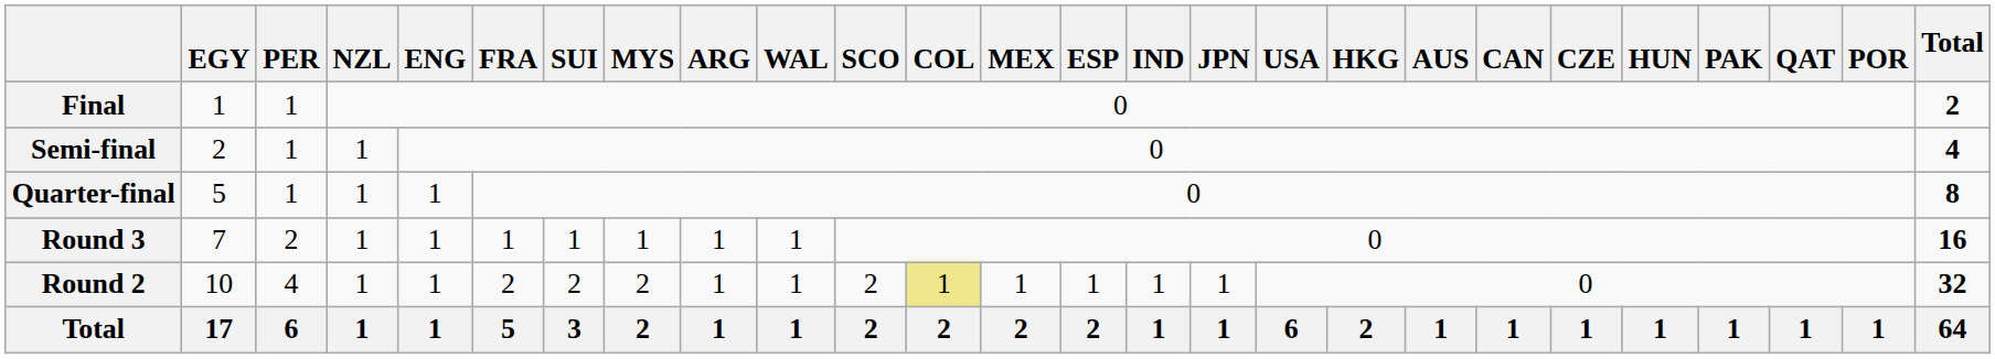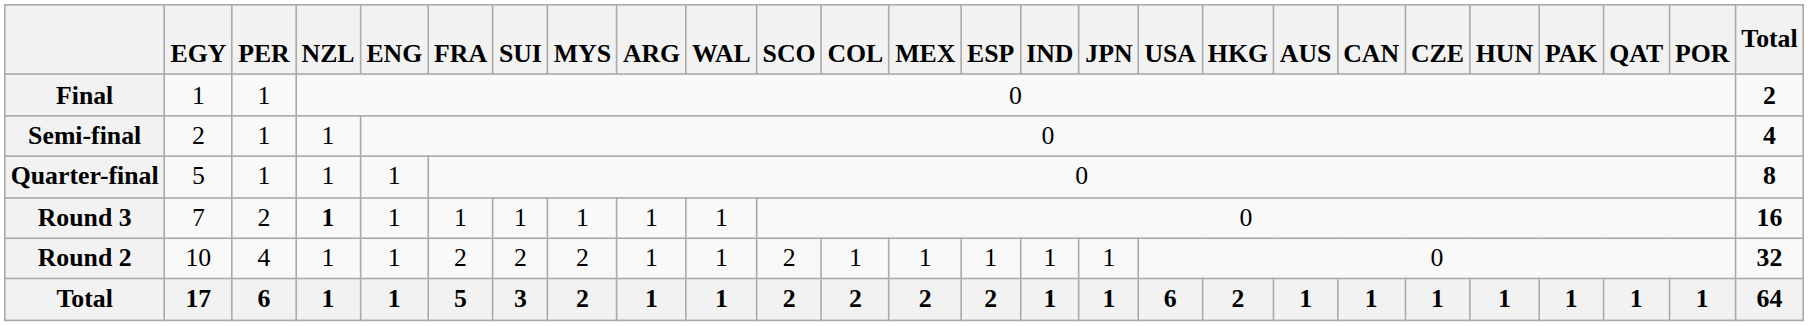 <table class="wikitable">
 <tr>
 <th></th>
 <th> <br>EGY</th>
 <th> <br>PER</th>
 <th> <br>NZL</th>
 <th> <br>ENG</th>
 <th> <br>FRA</th>
 <th> <br>SUI</th>
 <th> <br>MYS</th>
 <th> <br>ARG</th>
 <th> <br>WAL</th>
 <th> <br>SCO</th>
 <th> <br>COL</th>
 <th> <br>MEX</th>
 <th> <br>ESP</th>
 <th> <br>IND</th>
 <th> <br>JPN</th>
 <th> <br>USA</th>
 <th> <br>HKG</th>
 <th> <br>AUS</th>
 <th> <br>CAN</th>
 <th> <br>CZE</th>
 <th> <br>HUN</th>
 <th> <br>PAK</th>
 <th> <br>QAT</th>
 <th> <br>POR</th>
 <th>Total</th>
 </tr>
 <tr align="center">
 <th>Final</th>
 <td>1</td>
 <td>1</td>
 <td colspan=22>0</td>
 <td><strong>2</strong></td>
 </tr>
 <tr align="center">
 <th>Semi-final</th>
 <td>2</td>
 <td>1</td>
 <td>1</td>
 <td colspan=21>0</td>
 <td><strong>4</strong></td>
 </tr>
 <tr align="center">
 <th>Quarter-final</th>
 <td>5</td>
 <td>1</td>
 <td>1</td>
 <td>1</td>
 <td colspan=20>0</td>
 <td><strong>8</strong></td>
 </tr>
 <tr align="center">
 <th>Round 3</th>
 <td>7</td>
 <td>2</td>
-<td>1</td>
+<td><strong>1</strong></td>
 <td>1</td>
 <td>1</td>
 <td>1</td>
 <td>1</td>
 <td>1</td>
 <td>1</td>
 <td colspan=15>0</td>
 <td><strong>16</strong></td>
 </tr>
 <tr align="center">
 <th>Round 2</th>
 <td>10</td>
 <td>4</td>
 <td>1</td>
 <td>1</td>
 <td>2</td>
 <td>2</td>
 <td>2</td>
 <td>1</td>
 <td>1</td>
 <td>2</td>
-<td style="background: khaki;">1</td>
+<td>1</td>
 <td>1</td>
 <td>1</td>
 <td>1</td>
 <td>1</td>
 <td colspan=9>0</td>
 <td><strong>32</strong></td>
 </tr>
 <tr align="center">
 <th>Total</th>
 <th>17</th>
 <th>6</th>
 <th>1</th>
 <th>1</th>
 <th>5</th>
 <th>3</th>
 <th>2</th>
 <th>1</th>
 <th>1</th>
 <th>2</th>
 <th>2</th>
 <th>2</th>
 <th>2</th>
 <th>1</th>
 <th>1</th>
 <th>6</th>
 <th>2</th>
 <th>1</th>
 <th>1</th>
 <th>1</th>
 <th>1</th>
 <th>1</th>
 <th>1</th>
 <th>1</th>
 <th>64</th>
 </tr>
 </table>
